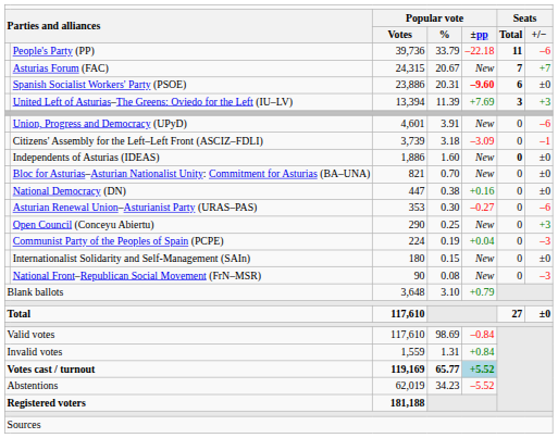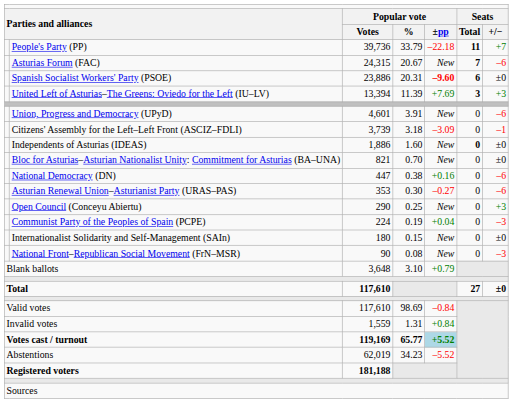 <table class="wikitable" style="text-align:right;">
 <tr>
 <td colspan="7"></td>
 </tr>
 <tr>
 <th style="text-align:left;" rowspan="2" colspan="2" width="525">Parties and alliances</th>
 <th colspan="3">Popular vote</th>
 <th colspan="2">Seats</th>
 </tr>
 <tr>
 <th width="75">Votes</th>
 <th width="45">%</th>
 <th width="45">±<a href='#'>pp</a></th>
 <th width="35">Total</th>
 <th width="35">+/−</th>
 </tr>
 <tr>
 <td width="1" style="color:inherit;background:"></td>
 <td align="left"><a href='#'>People's Party</a> (PP)</td>
 <td>39,736</td>
 <td>33.79</td>
 <td style="color:red;">–22.18</td>
 <td><strong>11</strong></td>
-<td style="color:red;">–6</td>
+<td style="color:green;">+7</td>
 </tr>
 <tr>
 <td style="color:inherit;background:"></td>
 <td align="left"><a href='#'>Asturias Forum</a> (FAC)</td>
 <td>24,315</td>
 <td>20.67</td>
 <td><em>New</em></td>
 <td><strong>7</strong></td>
-<td style="color:green;">+7</td>
+<td style="color:red;">–6</td>
 </tr>
 <tr>
 <td style="color:inherit;background:"></td>
 <td align="left"><a href='#'>Spanish Socialist Workers' Party</a> (PSOE)</td>
 <td>23,886</td>
 <td>20.31</td>
 <td style="color:red;"><strong>–9.60</strong></td>
 <td><strong>6</strong></td>
 <td>±0</td>
 </tr>
 <tr>
 <td style="color:inherit;background:"></td>
 <td align="left"><a href='#'>United Left of Asturias</a>–<a href='#'>The Greens: Oviedo for the Left</a> (IU–LV)</td>
 <td>13,394</td>
 <td>11.39</td>
 <td style="color:green;">+7.69</td>
 <td><strong>3</strong></td>
 <td style="color:green;">+3</td>
 </tr>
 <tr>
 <td colspan="7" bgcolor="#C0C0C0"></td>
 </tr>
 <tr>
 <td style="color:inherit;background:"></td>
 <td align="left"><a href='#'>Union, Progress and Democracy</a> (UPyD)</td>
 <td>4,601</td>
 <td>3.91</td>
 <td><em>New</em></td>
 <td>0</td>
 <td style="color:red;">–6</td>
 </tr>
 <tr>
 <td style="color:inherit;background:"></td>
 <td align="left">Citizens' Assembly for the Left–Left Front (ASCIZ–FDLI)</td>
 <td>3,739</td>
 <td>3.18</td>
 <td style="color:red;">–3.09</td>
 <td>0</td>
 <td style="color:red;">–1</td>
 </tr>
 <tr>
 <td style="color:inherit;background:"></td>
 <td align="left">Independents of Asturias (IDEAS)</td>
 <td>1,886</td>
 <td>1.60</td>
 <td><em>New</em></td>
 <td><strong>0</strong></td>
 <td>±0</td>
 </tr>
 <tr>
 <td style="color:inherit;background:"></td>
 <td align="left"><a href='#'>Bloc for Asturias</a>–<a href='#'>Asturian Nationalist Unity</a>: <a href='#'>Commitment for Asturias</a> (BA–UNA)</td>
 <td>821</td>
 <td>0.70</td>
 <td><em>New</em></td>
 <td>0</td>
 <td>±0</td>
 </tr>
 <tr>
 <td style="color:inherit;background:"></td>
 <td align="left"><a href='#'>National Democracy</a> (DN)</td>
 <td>447</td>
 <td>0.38</td>
 <td style="color:green;">+0.16</td>
 <td>0</td>
-<td>±0</td>
+<td style="color:red;">–6</td>
 </tr>
 <tr>
 <td style="color:inherit;background:"></td>
 <td align="left"><a href='#'>Asturian Renewal Union</a>–<a href='#'>Asturianist Party</a> (URAS–PAS)</td>
 <td>353</td>
 <td>0.30</td>
 <td style="color:red;">–0.27</td>
 <td>0</td>
 <td style="color:red;">–6</td>
 </tr>
 <tr>
 <td style="color:inherit;background:"></td>
 <td align="left"><a href='#'>Open Council</a> (Conceyu Abiertu)</td>
 <td>290</td>
 <td>0.25</td>
 <td><em>New</em></td>
 <td>0</td>
 <td style="color:green;">+3</td>
 </tr>
 <tr>
 <td style="color:inherit;background:"></td>
 <td align="left"><a href='#'>Communist Party of the Peoples of Spain</a> (PCPE)</td>
 <td>224</td>
 <td>0.19</td>
 <td style="color:green;">+0.04</td>
 <td>0</td>
 <td style="color:red;">–3</td>
 </tr>
 <tr>
 <td style="color:inherit;background:"></td>
 <td align="left">Internationalist Solidarity and Self-Management (SAIn)</td>
 <td>180</td>
 <td>0.15</td>
 <td><em>New</em></td>
 <td>0</td>
 <td>±0</td>
 </tr>
 <tr>
 <td style="color:inherit;background:"></td>
 <td align="left"><a href='#'>National Front</a>–<a href='#'>Republican Social Movement</a> (FrN–MSR)</td>
 <td>90</td>
 <td>0.08</td>
 <td><em>New</em></td>
 <td>0</td>
 <td style="color:red;">–3</td>
 </tr>
 <tr>
 <td align="left" colspan="2">Blank ballots</td>
 <td>3,648</td>
 <td>3.10</td>
 <td style="color:green;">+0.79</td>
 <td bgcolor="#E9E9E9" colspan="2"></td>
 </tr>
 <tr>
 <td colspan="7" bgcolor="#E9E9E9"></td>
 </tr>
 <tr style="font-weight:bold;">
 <td align="left" colspan="2">Total</td>
 <td>117,610</td>
 <td bgcolor="#E9E9E9" colspan="2"></td>
 <td>27</td>
 <td>±0</td>
 </tr>
 <tr>
 <td colspan="7" bgcolor="#E9E9E9"></td>
 </tr>
 <tr>
 <td align="left" colspan="2">Valid votes</td>
 <td>117,610</td>
 <td>98.69</td>
 <td style="color:red;">–0.84</td>
 <td bgcolor="#E9E9E9" colspan="2" rowspan="5"></td>
 </tr>
 <tr>
 <td align="left" colspan="2">Invalid votes</td>
 <td>1,559</td>
 <td>1.31</td>
 <td style="color:green;">+0.84</td>
 </tr>
 <tr style="font-weight:bold;">
 <td align="left" colspan="2">Votes cast / turnout</td>
 <td>119,169</td>
 <td>65.77</td>
 <td style="background: lightblue; color:green;">+5.52</td>
 </tr>
 <tr>
 <td align="left" colspan="2">Abstentions</td>
 <td>62,019</td>
 <td>34.23</td>
 <td style="color:red;">–5.52</td>
 </tr>
 <tr style="font-weight:bold;">
 <td align="left" colspan="2">Registered voters</td>
 <td>181,188</td>
 <td bgcolor="#E9E9E9" colspan="2"></td>
 </tr>
 <tr>
 <td colspan="7" bgcolor="#E9E9E9"></td>
 </tr>
 <tr>
 <td align="left" colspan="7">Sources</td>
 </tr>
 </table>
